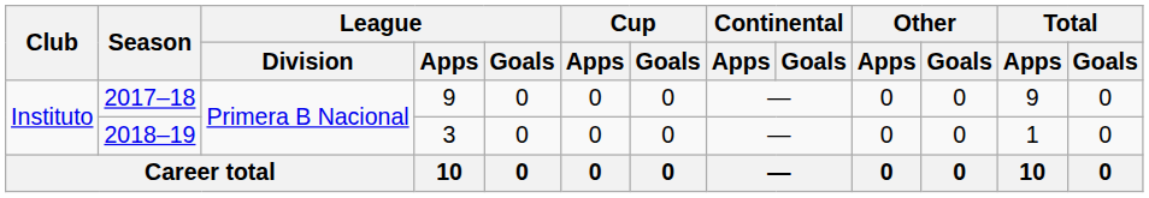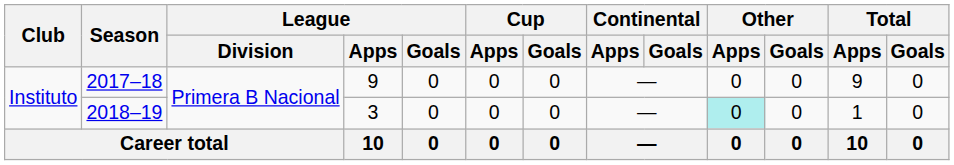 <table class="wikitable" style="text-align:center">
 <tr>
 <th rowspan="2">Club</th>
 <th rowspan="2">Season</th>
 <th colspan="3">League</th>
 <th colspan="2">Cup</th>
 <th colspan="2">Continental</th>
 <th colspan="2">Other</th>
 <th colspan="2">Total</th>
 </tr>
 <tr>
 <th>Division</th>
 <th>Apps</th>
 <th>Goals</th>
 <th>Apps</th>
 <th>Goals</th>
 <th>Apps</th>
 <th>Goals</th>
 <th>Apps</th>
 <th>Goals</th>
 <th>Apps</th>
 <th>Goals</th>
 </tr>
 <tr>
 <td rowspan="2"><a href='#'>Instituto</a></td>
 <td><a href='#'>2017–18</a></td>
 <td rowspan="2"><a href='#'>Primera B Nacional</a></td>
 <td>9</td>
 <td>0</td>
 <td>0</td>
 <td>0</td>
 <td colspan="2">—</td>
 <td>0</td>
 <td>0</td>
 <td>9</td>
 <td>0</td>
 </tr>
 <tr>
 <td><a href='#'>2018–19</a></td>
 <td>3</td>
 <td>0</td>
 <td>0</td>
 <td>0</td>
 <td colspan="2">—</td>
-<td>0</td>
+<td style="background: paleturquoise;">0</td>
 <td>0</td>
 <td>1</td>
 <td>0</td>
 </tr>
 <tr>
 <th colspan="3">Career total</th>
 <th>10</th>
 <th>0</th>
 <th>0</th>
 <th>0</th>
 <th colspan="2">—</th>
 <th>0</th>
 <th>0</th>
 <th>10</th>
 <th>0</th>
 </tr>
 </table>
